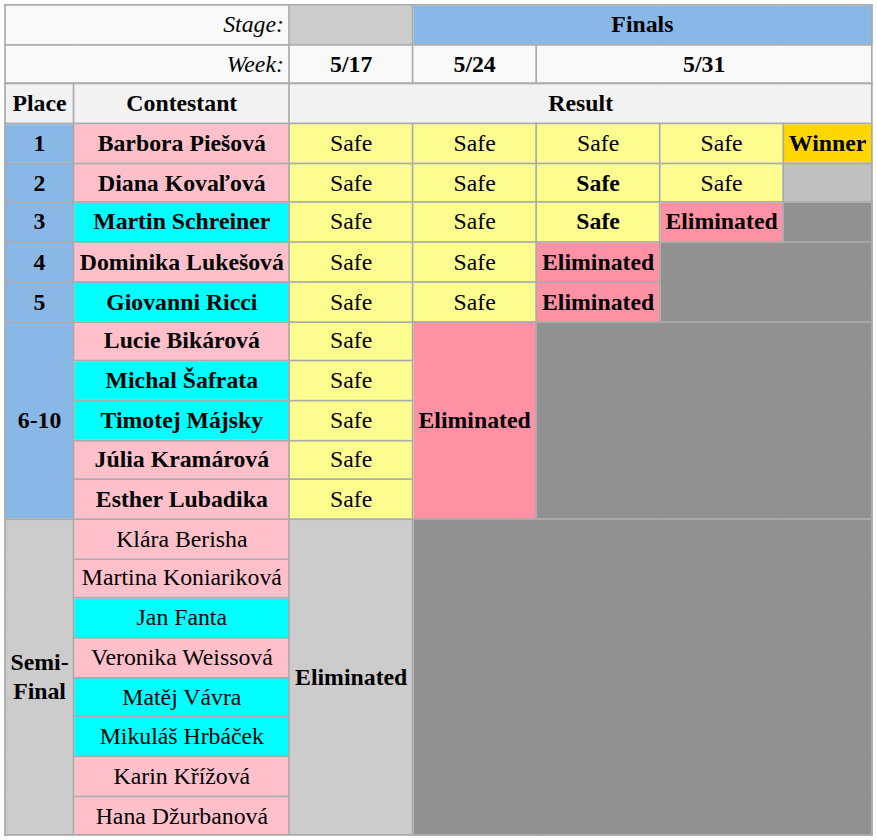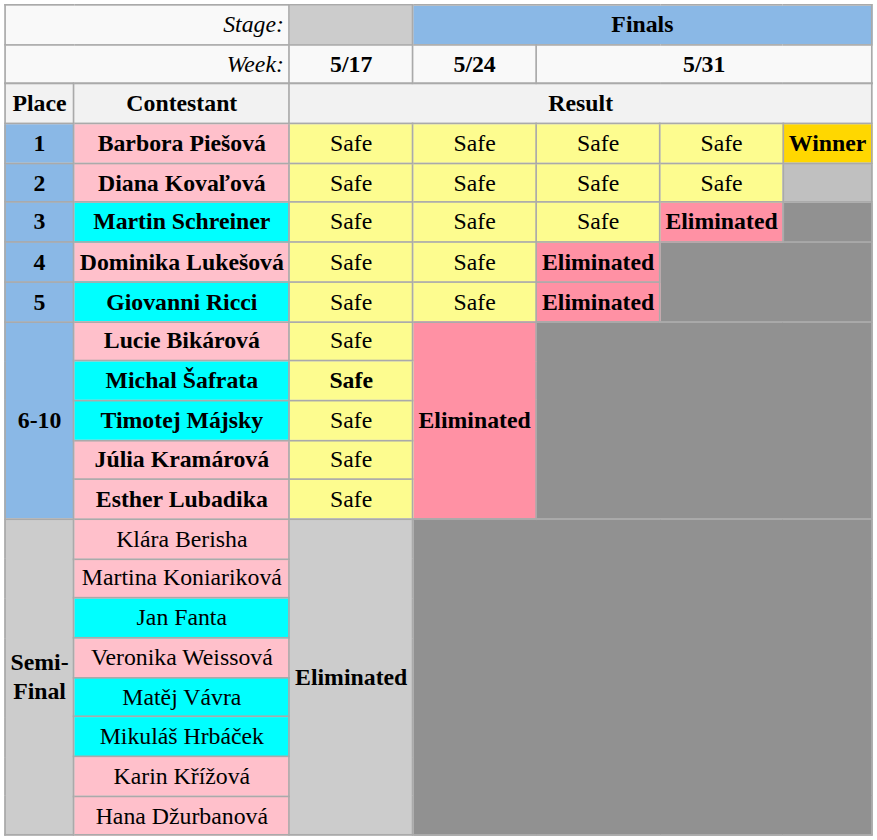 <table class="wikitable" style="margin:1em auto; text-align:center; font-size:89%">
 <tr>
 <td colspan="2" style="text-align:right;"><em>Stage:</em></td>
 <td colspan="1" style="background:#ccc;"></td>
 <td colspan="4" style="background:#8ab8e6;"><strong>Finals</strong></td>
 </tr>
 <tr>
 <td colspan="2" style="text-align:right;"><em>Week:</em></td>
 <td style="text-align:center;"><strong>5/17</strong></td>
 <td style="text-align:center;"><strong>5/24</strong></td>
 <td colspan="3" style="text-align:center;"><strong>5/31</strong></td>
 </tr>
 <tr>
 </tr>
 <tr>
 <th>Place</th>
 <th>Contestant</th>
 <th colspan="20" style="text-align:center;">Result</th>
 </tr>
 <tr>
 <td style="background:#8ab8e6;"><strong>1</strong></td>
 <td style="background:pink;"><strong>Barbora Piešová</strong></td>
 <td style="background:#FDFC8F;">Safe</td>
 <td style="background:#FDFC8F;">Safe</td>
 <td style="background:#FDFC8F;">Safe</td>
 <td style="background:#FDFC8F;">Safe</td>
 <td style="background:gold;"><strong>Winner</strong></td>
 </tr>
 <tr>
 <td style="background:#8ab8e6;"><strong>2</strong></td>
 <td style="background:pink;"><strong>Diana Kovaľová</strong></td>
 <td style="background:#FDFC8F;">Safe</td>
 <td style="background:#FDFC8F;">Safe</td>
-<td style="background:#FDFC8F;"><strong>Safe</strong></td>
+<td style="background:#FDFC8F;">Safe</td>
 <td style="background:#FDFC8F;">Safe</td>
 <td style="background:silver;"></td>
 </tr>
 <tr>
 <td style="background:#8ab8e6;"><strong>3</strong></td>
 <td style="background:cyan;"><strong>Martin Schreiner</strong></td>
 <td style="background:#FDFC8F;">Safe</td>
 <td style="background:#FDFC8F;">Safe</td>
-<td style="background:#FDFC8F;"><strong>Safe</strong></td>
+<td style="background:#FDFC8F;">Safe</td>
 <td style="background:#FF91A4;"><strong>Eliminated</strong></td>
 <td style="background:#919191;" colspan="15"></td>
 </tr>
 <tr>
 <td style="background:#8ab8e6;"><strong>4</strong></td>
 <td style="background:pink;"><strong>Dominika Lukešová</strong></td>
 <td style="background:#FDFC8F;">Safe</td>
 <td style="background:#FDFC8F;">Safe</td>
 <td style="background:#FF91A4;"><strong>Eliminated</strong></td>
 <td style="background:#919191;" rowspan=2 colspan="15"></td>
 </tr>
 <tr>
 <td style="background:#8ab8e6;"><strong>5</strong></td>
 <td style="background:cyan;"><strong>Giovanni Ricci</strong></td>
 <td style="background:#FDFC8F;">Safe</td>
 <td style="background:#FDFC8F;">Safe</td>
 <td style="background:#FF91A4;"><strong>Eliminated</strong></td>
 </tr>
 <tr>
 <td align="center"  bgcolor="#8ab8e6" rowspan="5"><strong>6-10</strong></td>
 <td style="background:pink;"><strong>Lucie Bikárová</strong></td>
 <td style="background:#FDFC8F;">Safe</td>
 <td style="background:#FF91A4;"rowspan="5"><strong>Eliminated</strong></td>
 <td style="background:#919191;" colspan="15" rowspan="5"></td>
 </tr>
 <tr>
 <td style="background:cyan;"><strong>Michal Šafrata</strong></td>
-<td style="background:#FDFC8F;">Safe</td>
+<td style="background:#FDFC8F;"><strong>Safe</strong></td>
 </tr>
 <tr>
 <td style="background:cyan;"><strong>Timotej Májsky</strong></td>
 <td style="background:#FDFC8F;">Safe</td>
 </tr>
 <tr>
 <td style="background:pink;"><strong>Júlia Kramárová</strong></td>
 <td style="background:#FDFC8F;">Safe</td>
 </tr>
 <tr>
 <td style="background:pink;"><strong>Esther Lubadika</strong></td>
 <td style="background:#FDFC8F;">Safe</td>
 </tr>
 <tr>
 <td style="background:#ccc;" rowspan="8"><strong>Semi-<br>Final</strong></td>
 <td style="background:pink;">Klára Berisha</td>
 <td style="background:#ccc;" rowspan="8"><strong>Eliminated</strong></td>
 <td style="background:#919191;" colspan="15" rowspan="8"></td>
 </tr>
 <tr>
 <td style="background:pink;">Martina Koniariková</td>
 </tr>
 <tr>
 <td style="background:cyan;">Jan Fanta</td>
 </tr>
 <tr>
 <td style="background:pink;">Veronika Weissová</td>
 </tr>
 <tr>
 <td style="background:cyan;">Matěj Vávra</td>
 </tr>
 <tr>
 <td style="background:cyan;">Mikuláš Hrbáček</td>
 </tr>
 <tr>
 <td style="background:pink;">Karin Křížová</td>
 </tr>
 <tr>
 <td style="background:pink;">Hana Džurbanová</td>
 </tr>
 </table>
